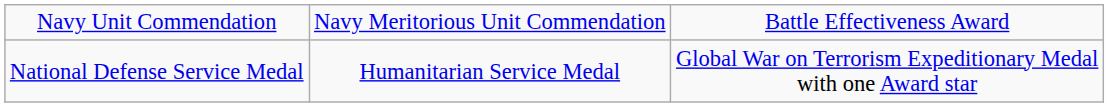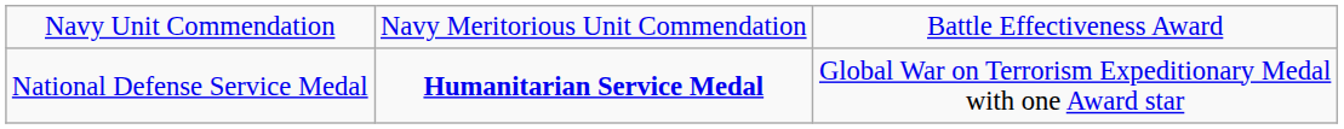 <table class="wikitable" style="margin-left: auto; margin-right: auto; text-align: center; margin-bottom: -1px;">
 <tr>
 <td><a href='#'>Navy Unit Commendation</a></td>
 <td><a href='#'>Navy Meritorious Unit Commendation</a></td>
 <td><a href='#'>Battle Effectiveness Award</a></td>
 </tr>
 <tr>
 <td><a href='#'>National Defense Service Medal</a></td>
-<td><a href='#'>Humanitarian Service Medal</a></td>
+<td><strong><a href='#'>Humanitarian Service Medal</a></strong></td>
 <td><a href='#'>Global War on Terrorism Expeditionary Medal</a><br>with one <a href='#'>Award star</a></td>
 </tr>
 </table>
